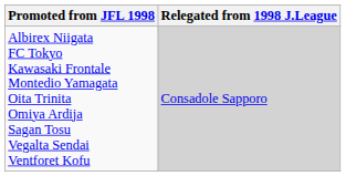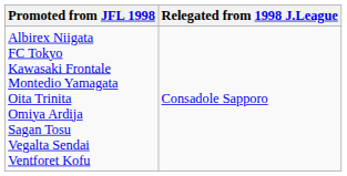 <table class="wikitable">
 <tr>
 <th>Promoted from <a href='#'>JFL 1998</a></th>
 <th>Relegated from <a href='#'>1998 J.League</a></th>
 </tr>
 <tr>
 <td><a href='#'>Albirex Niigata</a><br><a href='#'>FC Tokyo</a><br><a href='#'>Kawasaki Frontale</a><br><a href='#'>Montedio Yamagata</a><br><a href='#'>Oita Trinita</a><br><a href='#'>Omiya Ardija</a><br><a href='#'>Sagan Tosu</a><br><a href='#'>Vegalta Sendai</a><br><a href='#'>Ventforet Kofu</a></td>
-<td style="background: lightgrey;"><a href='#'>Consadole Sapporo</a></td>
+<td><a href='#'>Consadole Sapporo</a></td>
 </tr>
 </table>
